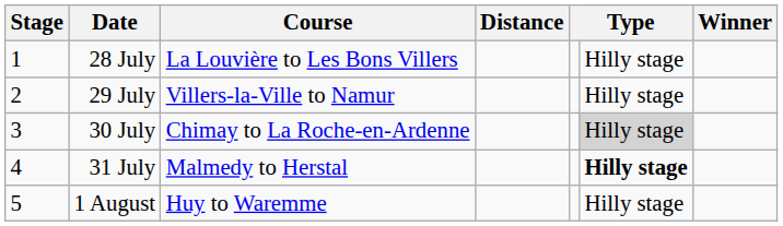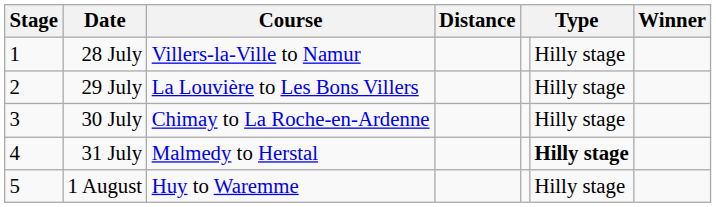 <table class="wikitable">
 <tr>
 <th>Stage</th>
 <th>Date</th>
 <th>Course</th>
 <th>Distance</th>
 <th colspan="2">Type</th>
 <th>Winner</th>
 </tr>
 <tr>
 <td style="text-align:left">1</td>
 <td align=right>28 July</td>
-<td><a href='#'>La Louvière</a> to <a href='#'>Les Bons Villers</a></td>
+<td><a href='#'>Villers-la-Ville</a> to <a href='#'>Namur</a></td>
 <td style="text-align:center;"></td>
 <td></td>
 <td>Hilly stage</td>
 <td></td>
 </tr>
 <tr>
 <td style="text-align:left">2</td>
 <td align=right>29 July</td>
-<td><a href='#'>Villers-la-Ville</a> to <a href='#'>Namur</a></td>
+<td><a href='#'>La Louvière</a> to <a href='#'>Les Bons Villers</a></td>
 <td style="text-align:center;"></td>
 <td></td>
 <td>Hilly stage</td>
 <td></td>
 </tr>
 <tr>
 <td style="text-align:left">3</td>
 <td align=right>30 July</td>
 <td><a href='#'>Chimay</a> to <a href='#'>La Roche-en-Ardenne</a></td>
 <td style="text-align:center;"></td>
 <td></td>
-<td style="background: lightgrey;">Hilly stage</td>
+<td>Hilly stage</td>
 <td></td>
 </tr>
 <tr>
 <td style="text-align:left">4</td>
 <td align=right>31 July</td>
 <td><a href='#'>Malmedy</a> to <a href='#'>Herstal</a></td>
 <td style="text-align:center;"></td>
 <td></td>
 <td><strong>Hilly stage</strong></td>
 <td></td>
 </tr>
 <tr>
 <td style="text-align:left">5</td>
 <td align=right>1 August</td>
 <td><a href='#'>Huy</a> to <a href='#'>Waremme</a></td>
 <td style="text-align:center;"></td>
 <td></td>
 <td>Hilly stage</td>
 <td></td>
 </tr>
 </table>
